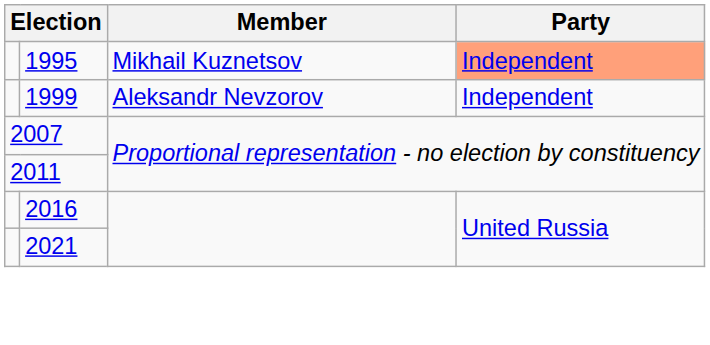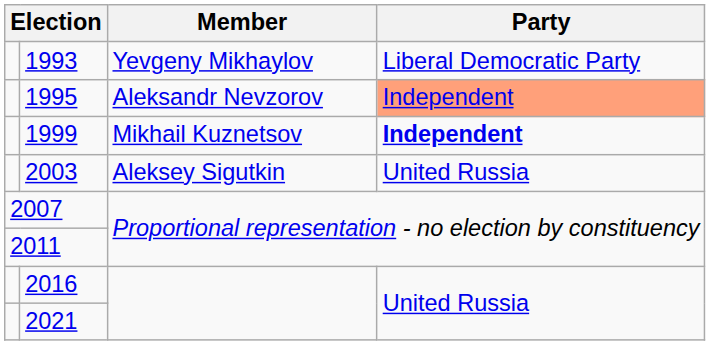 <table class="wikitable">
 <tr>
 <th colspan="2">Election</th>
 <th>Member</th>
 <th>Party</th>
 </tr>
 <tr>
 <td style="background-color:"></td>
+<td><a href='#'>1993</a></td>
+<td><a href='#'>Yevgeny Mikhaylov</a></td>
+<td><a href='#'>Liberal Democratic Party</a></td>
+</tr>
+<tr>
+<td style="background-color:"></td>
 <td><a href='#'>1995</a></td>
-<td><a href='#'>Mikhail Kuznetsov</a></td>
+<td><a href='#'>Aleksandr Nevzorov</a></td>
 <td style="background: lightsalmon;"><a href='#'>Independent</a></td>
 </tr>
 <tr>
 <td style="background-color:"></td>
 <td><a href='#'>1999</a></td>
-<td><a href='#'>Aleksandr Nevzorov</a></td>
-<td><a href='#'>Independent</a></td>
+<td><a href='#'>Mikhail Kuznetsov</a></td>
+<td><strong><a href='#'>Independent</a></strong></td>
+</tr>
+<tr>
+<td style="background-color:"></td>
+<td><a href='#'>2003</a></td>
+<td><a href='#'>Aleksey Sigutkin</a></td>
+<td><a href='#'>United Russia</a></td>
 </tr>
 <tr>
 <td colspan=2><a href='#'>2007</a></td>
 <td colspan=2 rowspan=2><em><a href='#'>Proportional representation</a> - no election by constituency</em></td>
 </tr>
 <tr>
 <td colspan=2><a href='#'>2011</a></td>
 </tr>
 <tr>
 <td style="background-color: "></td>
 <td><a href='#'>2016</a></td>
 <td rowspan=2></td>
 <td rowspan=2><a href='#'>United Russia</a></td>
 </tr>
 <tr>
 <td style="background-color: "></td>
 <td><a href='#'>2021</a></td>
 </tr>
 </table>
